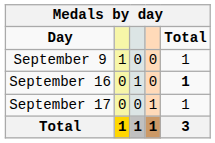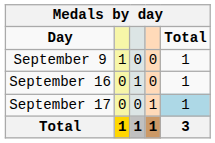 <table class="wikitable" style="font-size:85%; float:right">
 <tr align=center>
 <th colspan=7><strong>Medals by day</strong></th>
 </tr>
 <tr align=center>
 <td><strong>Day</strong></td>
 <td style="background:#f7f6a8;"></td>
 <td style="background:#dce5e5;"></td>
 <td style="background:#ffdab9;"></td>
 <td><strong>Total</strong></td>
 </tr>
 <tr align=center>
 <td>September 9</td>
 <td style="background:#f7f6a8;">1</td>
 <td style="background:#dce5e5;">0</td>
 <td style="background:#ffdab9;">0</td>
 <td>1</td>
 </tr>
 <tr align=center>
 <td>September 16</td>
 <td style="background:#f7f6a8;">0</td>
 <td style="background:#dce5e5;">1</td>
 <td style="background:#ffdab9;">0</td>
-<td><strong>1</strong></td>
+<td>1</td>
 </tr>
 <tr align=center>
 <td>September 17</td>
 <td style="background:#f7f6a8;">0</td>
 <td style="background:#dce5e5;">0</td>
 <td style="background:#ffdab9;">1</td>
-<td>1</td>
+<td style="background: lightblue;">1</td>
 </tr>
 <tr align=center>
 <th><strong>Total</strong></th>
 <th style="background:gold;"><strong>1</strong></th>
 <th style="background:silver;"><strong>1</strong></th>
 <th style="background:#c96;"><strong>1</strong></th>
 <th><strong>3</strong></th>
 </tr>
 </table>
